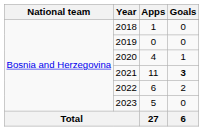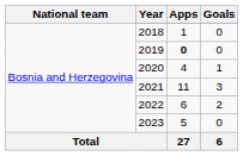 <table class="wikitable" style="text-align:center">
 <tr>
 <th>National team</th>
 <th>Year</th>
 <th>Apps</th>
 <th>Goals</th>
 </tr>
 <tr>
 <td rowspan=7><a href='#'>Bosnia and Herzegovina</a></td>
 </tr>
 <tr>
 <td>2018</td>
 <td>1</td>
 <td>0</td>
 </tr>
 <tr>
 <td>2019</td>
-<td>0</td>
+<td><strong>0</strong></td>
 <td>0</td>
 </tr>
 <tr>
 <td>2020</td>
 <td>4</td>
 <td>1</td>
 </tr>
 <tr>
 <td>2021</td>
 <td>11</td>
-<td><strong>3</strong></td>
+<td>3</td>
 </tr>
 <tr>
 <td>2022</td>
 <td>6</td>
 <td>2</td>
 </tr>
 <tr>
 <td>2023</td>
 <td>5</td>
 <td>0</td>
 </tr>
 <tr>
 <th colspan=2>Total</th>
 <th>27</th>
 <th>6</th>
 </tr>
 </table>
